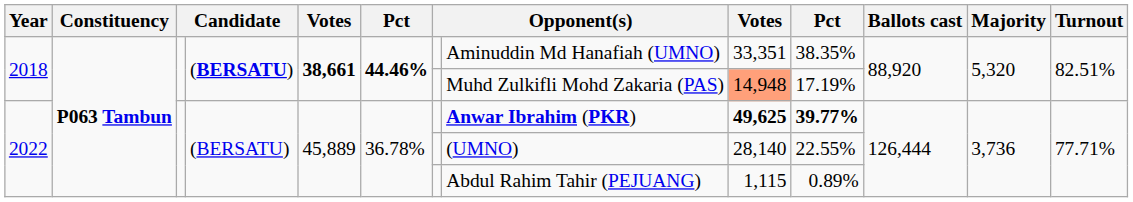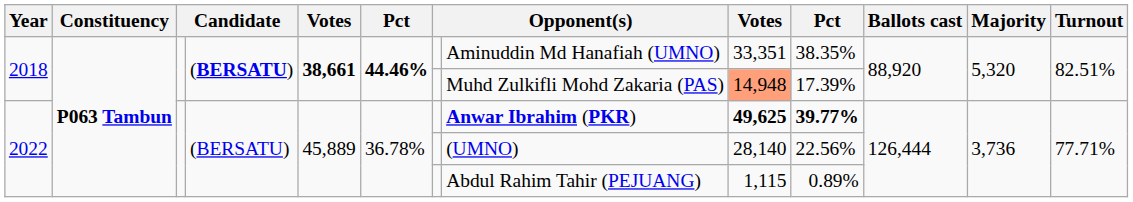 <table class="wikitable" style="margin:0.5em ; font-size:95%">
 <tr>
 <th>Year</th>
 <th>Constituency</th>
 <th colspan=2>Candidate</th>
 <th>Votes</th>
 <th>Pct</th>
 <th colspan=2>Opponent(s)</th>
 <th>Votes</th>
 <th>Pct</th>
 <th>Ballots cast</th>
 <th>Majority</th>
 <th>Turnout</th>
 </tr>
 <tr>
 <td rowspan=2><a href='#'>2018</a></td>
 <td rowspan="5"><strong>P063 <a href='#'>Tambun</a></strong></td>
 <td rowspan=2 ></td>
 <td rowspan=2> (<a href='#'><strong>BERSATU</strong></a>)</td>
 <td rowspan=2 align="right"><strong>38,661</strong></td>
 <td rowspan=2><strong>44.46%</strong></td>
 <td></td>
 <td>Aminuddin Md Hanafiah (<a href='#'>UMNO</a>)</td>
 <td align="right">33,351</td>
 <td>38.35%</td>
 <td rowspan=2>88,920</td>
 <td rowspan=2>5,320</td>
 <td rowspan=2>82.51%</td>
 </tr>
 <tr>
 <td></td>
 <td>Muhd Zulkifli Mohd Zakaria (<a href='#'>PAS</a>)</td>
 <td align="right" style="background: lightsalmon;">14,948</td>
-<td>17.19%</td>
+<td>17.39%</td>
 </tr>
 <tr>
 <td rowspan=3><a href='#'>2022</a></td>
 <td rowspan=3 bgcolor=></td>
 <td rowspan=3> (<a href='#'>BERSATU</a>)</td>
 <td rowspan=3 align="right">45,889</td>
 <td rowspan=3>36.78%</td>
 <td></td>
 <td><strong><a href='#'>Anwar Ibrahim</a></strong> (<a href='#'><strong>PKR</strong></a>)</td>
 <td align="right"><strong>49,625</strong></td>
 <td><strong>39.77%</strong></td>
 <td rowspan="3">126,444</td>
 <td rowspan="3">3,736</td>
 <td rowspan="3">77.71%</td>
 </tr>
 <tr>
 <td></td>
 <td> (<a href='#'>UMNO</a>)</td>
 <td align="right">28,140</td>
-<td>22.55%</td>
+<td>22.56%</td>
 </tr>
 <tr>
 <td bgcolor=></td>
 <td>Abdul Rahim Tahir (<a href='#'>PEJUANG</a>)</td>
 <td align="right">1,115</td>
 <td align="right">0.89%</td>
 </tr>
 </table>
